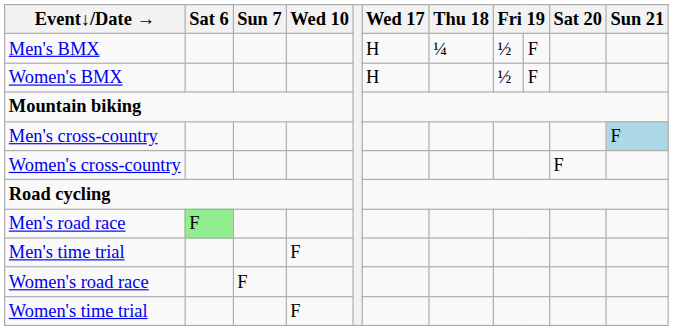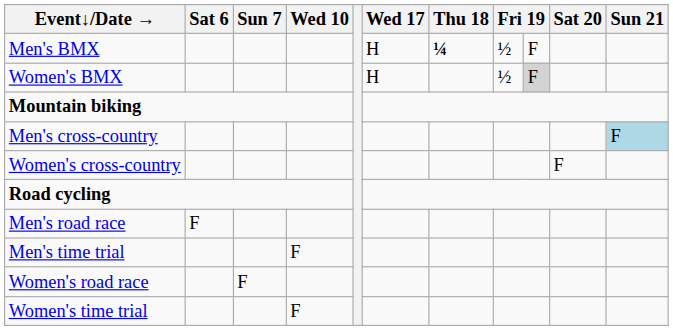 <table class="wikitable olympic-schedule cycling">
 <tr>
 <th>Event↓/Date →</th>
 <th>Sat 6</th>
 <th>Sun 7</th>
 <th>Wed 10</th>
 <th rowspan=11></th>
 <th>Wed 17</th>
 <th>Thu 18</th>
 <th colspan="2">Fri 19</th>
 <th>Sat 20</th>
 <th>Sun 21</th>
 </tr>
 <tr>
 <td class="event"><a href='#'>Men's BMX</a></td>
 <td></td>
 <td></td>
 <td></td>
 <td class="heats">H</td>
-<td class="quarterfinals">¼</td>
+<td class="quarterfinals"><strong>¼</strong></td>
 <td class="semifinals">½</td>
 <td class="final">F</td>
 <td></td>
 <td></td>
 </tr>
 <tr>
 <td class="event"><a href='#'>Women's BMX</a></td>
 <td></td>
 <td></td>
 <td></td>
 <td class="heats">H</td>
 <td></td>
 <td class="semifinals">½</td>
-<td class="final">F</td>
+<td class="final" style="background: lightgrey;">F</td>
 <td></td>
 <td></td>
 </tr>
 <tr>
 <td colspan="11" class="event"><strong>Mountain biking</strong></td>
 </tr>
 <tr>
 <td class="event"><a href='#'>Men's cross-country</a></td>
 <td></td>
 <td></td>
 <td></td>
 <td></td>
 <td></td>
 <td colspan="2"></td>
 <td></td>
 <td class="final" style="background: lightblue;">F</td>
 </tr>
 <tr>
 <td class="event"><a href='#'>Women's cross-country</a></td>
 <td></td>
 <td></td>
 <td></td>
 <td></td>
 <td></td>
 <td colspan="2"></td>
 <td class="final">F</td>
 <td></td>
 </tr>
 <tr>
 <td colspan="11" class="event"><strong>Road cycling</strong></td>
 </tr>
 <tr>
 <td class="event"><a href='#'>Men's road race</a></td>
-<td class="final" style="background: lightgreen;">F</td>
+<td class="final">F</td>
 <td></td>
 <td></td>
 <td></td>
 <td></td>
 <td colspan="2"></td>
 <td></td>
 <td></td>
 </tr>
 <tr>
 <td class="event"><a href='#'>Men's time trial</a></td>
 <td></td>
 <td></td>
 <td class="final">F</td>
 <td></td>
 <td></td>
 <td colspan="2"></td>
 <td></td>
 <td></td>
 </tr>
 <tr>
 <td class="event"><a href='#'>Women's road race</a></td>
 <td></td>
 <td class="final">F</td>
 <td></td>
 <td></td>
 <td></td>
 <td colspan="2"></td>
 <td></td>
 <td></td>
 </tr>
 <tr>
 <td class="event"><a href='#'>Women's time trial</a></td>
 <td></td>
 <td></td>
 <td class="final">F</td>
 <td></td>
 <td></td>
 <td colspan="2"></td>
 <td></td>
 <td></td>
 </tr>
 </table>
